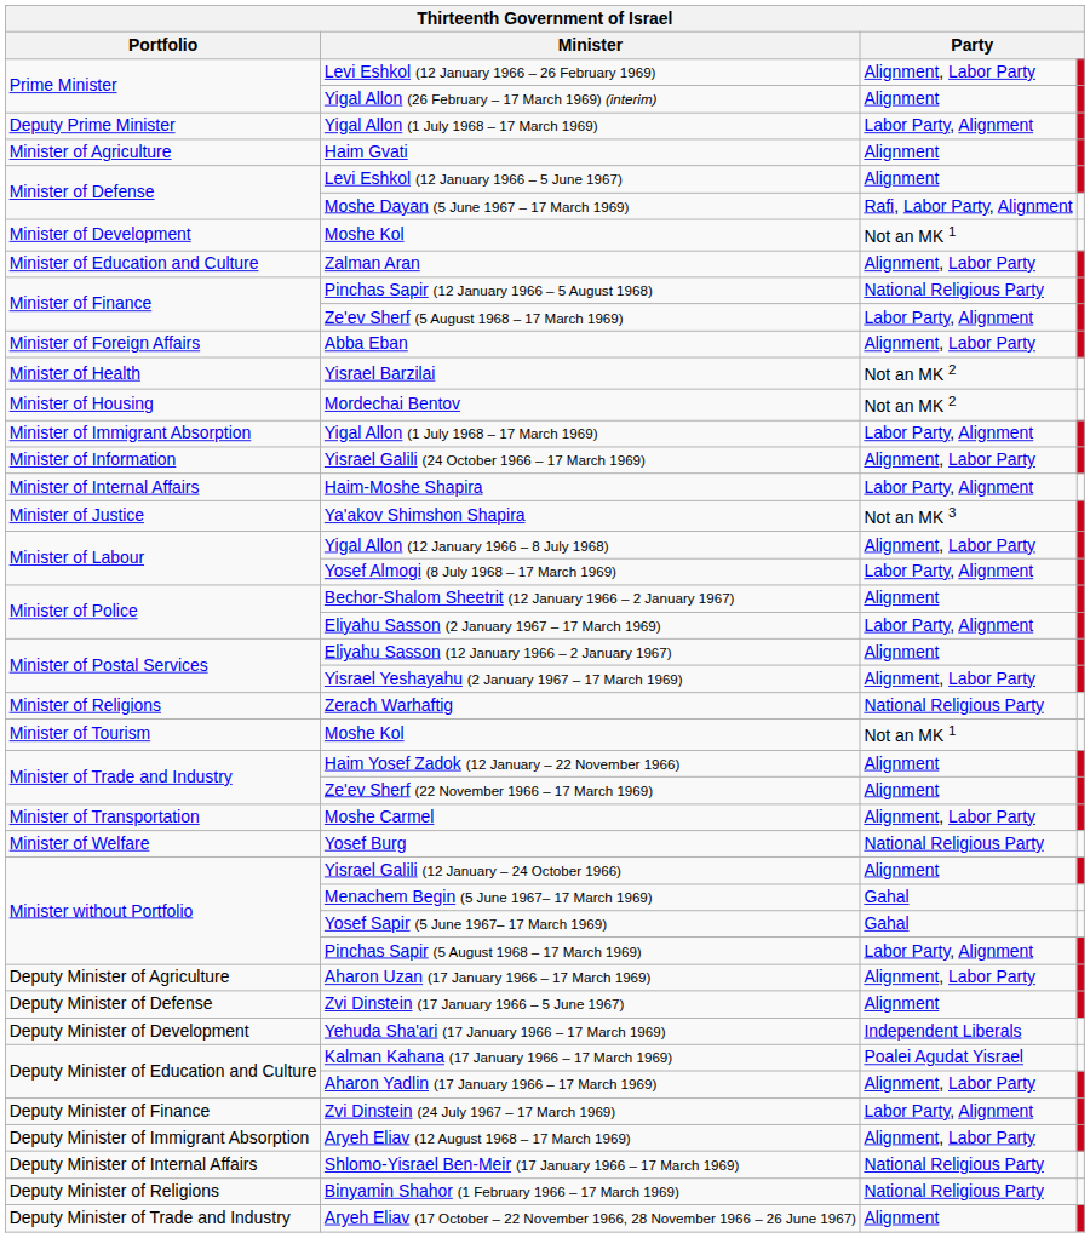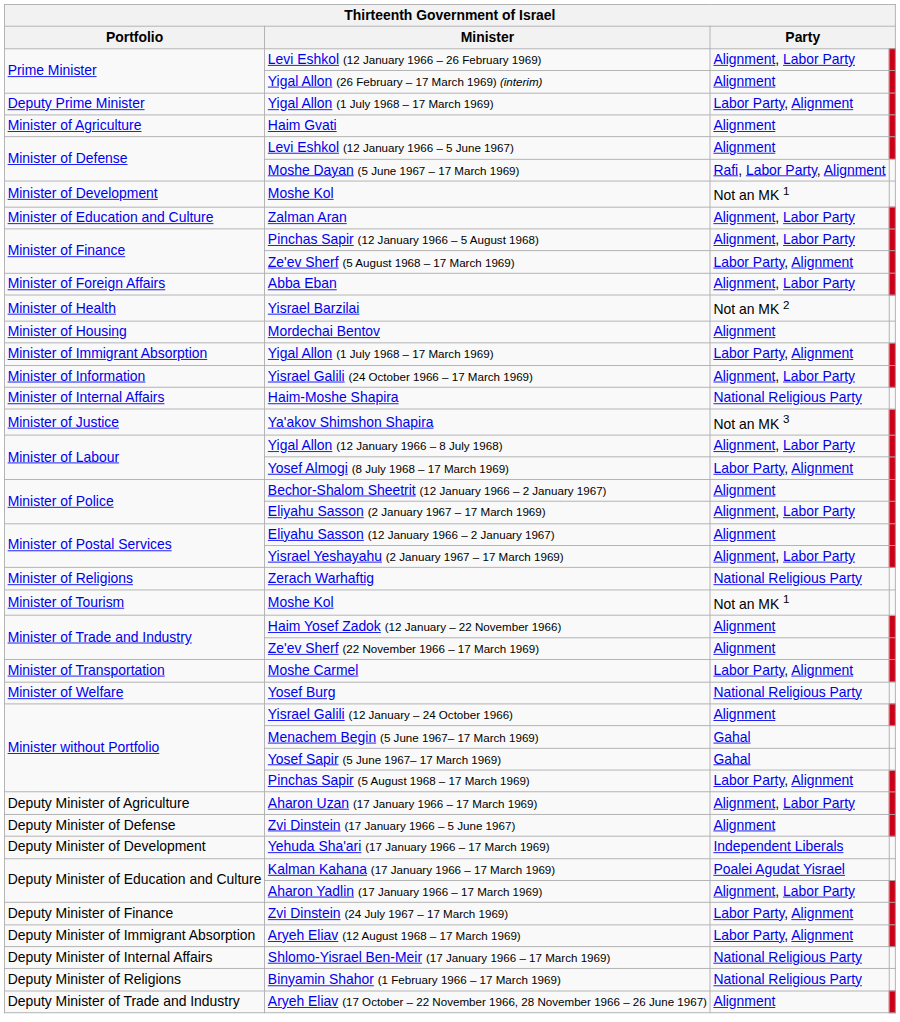 <table class="wikitable sortable" style="text-align:left">
 <tr>
 <th colspan="4">Thirteenth Government of Israel</th>
 </tr>
 <tr>
 <th>Portfolio</th>
 <th>Minister</th>
 <th colspan="2">Party</th>
 </tr>
 <tr>
 <td rowspan="2"><a href='#'>Prime Minister</a></td>
 <td><a href='#'>Levi Eshkol</a> <small>(12 January 1966 – 26 February 1969)</small></td>
 <td><a href='#'>Alignment</a>, <a href='#'>Labor Party</a></td>
 <td style="background:#C9021A"></td>
 </tr>
 <tr>
 <td><a href='#'>Yigal Allon</a> <small>(26 February – 17 March 1969) <em>(interim)</em></small></td>
 <td><a href='#'>Alignment</a></td>
 <td style="background:#C9021A"></td>
 </tr>
 <tr>
 <td><a href='#'>Deputy Prime Minister</a></td>
 <td><a href='#'>Yigal Allon</a> <small>(1 July 1968 – 17 March 1969)</small></td>
 <td><a href='#'>Labor Party</a>, <a href='#'>Alignment</a></td>
 <td style="background:#C9021A"></td>
 </tr>
 <tr>
 <td><a href='#'>Minister of Agriculture</a></td>
 <td><a href='#'>Haim Gvati</a></td>
 <td><a href='#'>Alignment</a></td>
 <td style="background:#C9021A"></td>
 </tr>
 <tr>
 <td rowspan=2><a href='#'>Minister of Defense</a></td>
 <td><a href='#'>Levi Eshkol</a> <small>(12 January 1966 – 5 June 1967)</small></td>
 <td><a href='#'>Alignment</a></td>
 <td style="background:#C9021A"></td>
 </tr>
 <tr>
 <td><a href='#'>Moshe Dayan</a> <small>(5 June 1967 – 17 March 1969)</small></td>
 <td><a href='#'>Rafi</a>, <a href='#'>Labor Party</a>, <a href='#'>Alignment</a></td>
 <td style="background:"></td>
 </tr>
 <tr>
 <td><a href='#'>Minister of Development</a></td>
 <td><a href='#'>Moshe Kol</a></td>
 <td>Not an MK <sup>1</sup></td>
 <td style="background:"></td>
 </tr>
 <tr>
 <td><a href='#'>Minister of Education and Culture</a></td>
 <td><a href='#'>Zalman Aran</a></td>
 <td><a href='#'>Alignment</a>, <a href='#'>Labor Party</a></td>
 <td style="background:#C9021A"></td>
 </tr>
 <tr>
 <td rowspan=2><a href='#'>Minister of Finance</a></td>
 <td><a href='#'>Pinchas Sapir</a> <small>(12 January 1966 – 5 August 1968)</small></td>
-<td><a href='#'>National Religious Party</a></td>
+<td><a href='#'>Alignment</a>, <a href='#'>Labor Party</a></td>
 <td style="background:#C9021A"></td>
 </tr>
 <tr>
 <td><a href='#'>Ze'ev Sherf</a> <small>(5 August 1968 – 17 March 1969)</small></td>
 <td><a href='#'>Labor Party</a>, <a href='#'>Alignment</a></td>
 <td style="background:#C9021A"></td>
 </tr>
 <tr>
 <td><a href='#'>Minister of Foreign Affairs</a></td>
 <td><a href='#'>Abba Eban</a></td>
 <td><a href='#'>Alignment</a>, <a href='#'>Labor Party</a></td>
 <td style="background:#C9021A"></td>
 </tr>
 <tr>
 <td><a href='#'>Minister of Health</a></td>
 <td><a href='#'>Yisrael Barzilai</a></td>
 <td>Not an MK <sup>2</sup></td>
 <td style="background:"></td>
 </tr>
 <tr>
 <td><a href='#'>Minister of Housing</a></td>
 <td><a href='#'>Mordechai Bentov</a></td>
-<td>Not an MK <sup>2</sup></td>
+<td><a href='#'>Alignment</a></td>
 <td style="background:"></td>
 </tr>
 <tr>
 <td><a href='#'>Minister of Immigrant Absorption</a></td>
 <td><a href='#'>Yigal Allon</a> <small>(1 July 1968 – 17 March 1969)</small></td>
 <td><a href='#'>Labor Party</a>, <a href='#'>Alignment</a></td>
 <td style="background:#C9021A"></td>
 </tr>
 <tr>
 <td><a href='#'>Minister of Information</a></td>
 <td><a href='#'>Yisrael Galili</a> <small>(24 October 1966 – 17 March 1969)</small></td>
 <td><a href='#'>Alignment</a>, <a href='#'>Labor Party</a></td>
 <td style="background:#C9021A"></td>
 </tr>
 <tr>
 <td><a href='#'>Minister of Internal Affairs</a></td>
 <td><a href='#'>Haim-Moshe Shapira</a></td>
-<td><a href='#'>Labor Party</a>, <a href='#'>Alignment</a></td>
+<td><a href='#'>National Religious Party</a></td>
 <td style="background:"></td>
 </tr>
 <tr>
 <td><a href='#'>Minister of Justice</a></td>
 <td><a href='#'>Ya'akov Shimshon Shapira</a></td>
 <td>Not an MK <sup>3</sup></td>
 <td style="background:#C9021A"></td>
 </tr>
 <tr>
 <td rowspan=2><a href='#'>Minister of Labour</a></td>
 <td><a href='#'>Yigal Allon</a> <small>(12 January 1966 – 8 July 1968)</small></td>
 <td><a href='#'>Alignment</a>, <a href='#'>Labor Party</a></td>
 <td style="background:#C9021A"></td>
 </tr>
 <tr>
 <td><a href='#'>Yosef Almogi</a> <small>(8 July 1968 – 17 March 1969)</small></td>
 <td><a href='#'>Labor Party</a>, <a href='#'>Alignment</a></td>
 <td style="background:#C9021A"></td>
 </tr>
 <tr>
 <td rowspan=2><a href='#'>Minister of Police</a></td>
 <td><a href='#'>Bechor-Shalom Sheetrit</a> <small>(12 January 1966 – 2 January 1967)</small></td>
 <td><a href='#'>Alignment</a></td>
 <td style="background:#C9021A"></td>
 </tr>
 <tr>
 <td><a href='#'>Eliyahu Sasson</a> <small>(2 January 1967 – 17 March 1969)</small></td>
-<td><a href='#'>Labor Party</a>, <a href='#'>Alignment</a></td>
+<td><a href='#'>Alignment</a>, <a href='#'>Labor Party</a></td>
 <td style="background:#C9021A"></td>
 </tr>
 <tr>
 <td rowspan=2><a href='#'>Minister of Postal Services</a></td>
 <td><a href='#'>Eliyahu Sasson</a> <small>(12 January 1966 – 2 January 1967)</small></td>
 <td><a href='#'>Alignment</a></td>
 <td style="background:#C9021A"></td>
 </tr>
 <tr>
 <td><a href='#'>Yisrael Yeshayahu</a> <small>(2 January 1967 – 17 March 1969)</small></td>
 <td><a href='#'>Alignment</a>, <a href='#'>Labor Party</a></td>
 <td style="background:#C9021A"></td>
 </tr>
 <tr>
 <td><a href='#'>Minister of Religions</a></td>
 <td><a href='#'>Zerach Warhaftig</a></td>
 <td><a href='#'>National Religious Party</a></td>
 <td style="background:"></td>
 </tr>
 <tr>
 <td><a href='#'>Minister of Tourism</a></td>
 <td><a href='#'>Moshe Kol</a></td>
 <td>Not an MK <sup>1</sup></td>
 <td style="background:"></td>
 </tr>
 <tr>
 <td rowspan=2><a href='#'>Minister of Trade and Industry</a></td>
 <td><a href='#'>Haim Yosef Zadok</a> <small>(12 January – 22 November 1966)</small></td>
 <td><a href='#'>Alignment</a></td>
 <td style="background:#C9021A"></td>
 </tr>
 <tr>
 <td><a href='#'>Ze'ev Sherf</a> <small>(22 November 1966 – 17 March 1969)</small></td>
 <td><a href='#'>Alignment</a></td>
 <td style="background:#C9021A"></td>
 </tr>
 <tr>
 <td><a href='#'>Minister of Transportation</a></td>
 <td><a href='#'>Moshe Carmel</a></td>
-<td><a href='#'>Alignment</a>, <a href='#'>Labor Party</a></td>
+<td><a href='#'>Labor Party</a>, <a href='#'>Alignment</a></td>
 <td style="background:#C9021A"></td>
 </tr>
 <tr>
 <td><a href='#'>Minister of Welfare</a></td>
 <td><a href='#'>Yosef Burg</a></td>
 <td><a href='#'>National Religious Party</a></td>
 <td style="background:"></td>
 </tr>
 <tr>
 <td rowspan=4><a href='#'>Minister without Portfolio</a></td>
 <td><a href='#'>Yisrael Galili</a> <small>(12 January – 24 October 1966)</small></td>
 <td><a href='#'>Alignment</a></td>
 <td style="background:#C9021A"></td>
 </tr>
 <tr>
 <td><a href='#'>Menachem Begin</a> <small>(5 June 1967– 17 March 1969)</small></td>
 <td><a href='#'>Gahal</a></td>
 <td style="background:"></td>
 </tr>
 <tr>
 <td><a href='#'>Yosef Sapir</a> <small>(5 June 1967– 17 March 1969)</small></td>
 <td><a href='#'>Gahal</a></td>
 <td style="background:"></td>
 </tr>
 <tr>
 <td><a href='#'>Pinchas Sapir</a> <small>(5 August 1968 – 17 March 1969)</small></td>
 <td><a href='#'>Labor Party</a>, <a href='#'>Alignment</a></td>
 <td style="background:#C9021A"></td>
 </tr>
 <tr>
 <td>Deputy Minister of Agriculture</td>
 <td><a href='#'>Aharon Uzan</a> <small>(17 January 1966 – 17 March 1969)</small></td>
 <td><a href='#'>Alignment</a>, <a href='#'>Labor Party</a></td>
 <td style="background:#C9021A"></td>
 </tr>
 <tr>
 <td>Deputy Minister of Defense</td>
 <td><a href='#'>Zvi Dinstein</a> <small>(17 January 1966 – 5 June 1967)</small></td>
 <td><a href='#'>Alignment</a></td>
 <td style="background:#C9021A"></td>
 </tr>
 <tr>
 <td>Deputy Minister of Development</td>
 <td><a href='#'>Yehuda Sha'ari</a> <small>(17 January 1966 – 17 March 1969)</small></td>
 <td><a href='#'>Independent Liberals</a></td>
 <td style="background:"></td>
 </tr>
 <tr>
 <td rowspan=2>Deputy Minister of Education and Culture</td>
 <td><a href='#'>Kalman Kahana</a> <small>(17 January 1966 – 17 March 1969)</small></td>
 <td><a href='#'>Poalei Agudat Yisrael</a></td>
 <td style="background:"></td>
 </tr>
 <tr>
 <td><a href='#'>Aharon Yadlin</a> <small>(17 January 1966 – 17 March 1969)</small></td>
 <td><a href='#'>Alignment</a>, <a href='#'>Labor Party</a></td>
 <td style="background:#C9021A"></td>
 </tr>
 <tr>
 <td>Deputy Minister of Finance</td>
 <td><a href='#'>Zvi Dinstein</a> <small>(24 July 1967 – 17 March 1969)</small></td>
 <td><a href='#'>Labor Party</a>, <a href='#'>Alignment</a></td>
 <td style="background:#C9021A"></td>
 </tr>
 <tr>
 <td>Deputy Minister of Immigrant Absorption</td>
 <td><a href='#'>Aryeh Eliav</a> <small>(12 August 1968 – 17 March 1969)</small></td>
-<td><a href='#'>Alignment</a>, <a href='#'>Labor Party</a></td>
+<td><a href='#'>Labor Party</a>, <a href='#'>Alignment</a></td>
 <td style="background:#C9021A"></td>
 </tr>
 <tr>
 <td>Deputy Minister of Internal Affairs</td>
 <td><a href='#'>Shlomo-Yisrael Ben-Meir</a> <small>(17 January 1966 – 17 March 1969)</small></td>
 <td><a href='#'>National Religious Party</a></td>
 <td style="background:"></td>
 </tr>
 <tr>
 <td>Deputy Minister of Religions</td>
 <td><a href='#'>Binyamin Shahor</a> <small>(1 February 1966 – 17 March 1969)</small></td>
 <td><a href='#'>National Religious Party</a></td>
 <td style="background:"></td>
 </tr>
 <tr>
 <td>Deputy Minister of Trade and Industry</td>
 <td><a href='#'>Aryeh Eliav</a> <small>(17 October – 22 November 1966, 28 November 1966 – 26 June 1967)</small></td>
 <td><a href='#'>Alignment</a></td>
 <td style="background:#C9021A"></td>
 </tr>
 </table>
